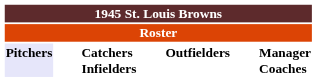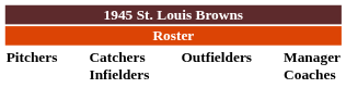 <table class="toccolours" style="font-size: 95%;">
 <tr>
 <th colspan="10" style="background-color: #5D2A2C; color: white; text-align: center;">1945 St. Louis Browns</th>
 </tr>
 <tr>
 <td colspan="10" style="background-color: #DC4405; color: white; text-align: center;"><strong>Roster</strong></td>
 </tr>
 <tr>
-<td valign="top" style="background: lavender;"><strong>Pitchers</strong><br>              </td>
+<td valign="top"><strong>Pitchers</strong><br>              </td>
 <td width="25px"></td>
 <td valign="top"><strong>Catchers</strong><br>   <strong>Infielders</strong>      </td>
 <td width="25px"></td>
 <td valign="top"><strong>Outfielders</strong><br>      </td>
 <td width="25px"></td>
 <td valign="top"><strong>Manager</strong><br> <strong>Coaches</strong>   </td>
 </tr>
 <tr>
 </tr>
 </table>
